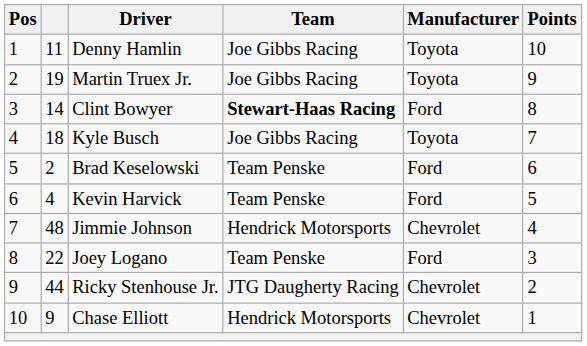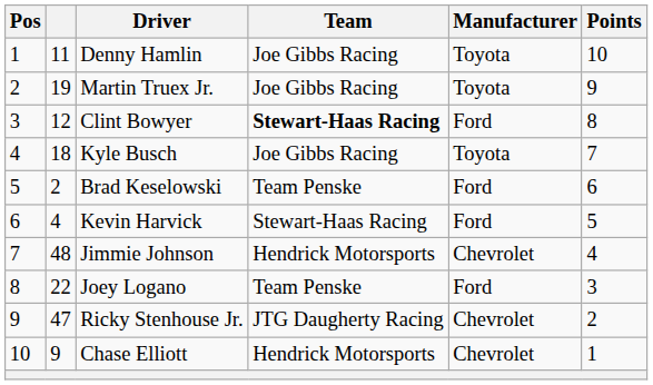 <table class="wikitable" style="font-size:98%">
 <tr>
 <th>Pos</th>
 <th></th>
 <th>Driver</th>
 <th>Team</th>
 <th>Manufacturer</th>
 <th>Points</th>
 </tr>
 <tr>
 <td>1</td>
 <td>11</td>
 <td>Denny Hamlin</td>
 <td>Joe Gibbs Racing</td>
 <td>Toyota</td>
 <td>10</td>
 </tr>
 <tr>
 <td>2</td>
 <td>19</td>
 <td>Martin Truex Jr.</td>
 <td>Joe Gibbs Racing</td>
 <td>Toyota</td>
 <td>9</td>
 </tr>
 <tr>
 <td>3</td>
-<td>14</td>
+<td>12</td>
 <td>Clint Bowyer</td>
 <td><strong>Stewart-Haas Racing</strong></td>
 <td>Ford</td>
 <td>8</td>
 </tr>
 <tr>
 <td>4</td>
 <td>18</td>
 <td>Kyle Busch</td>
 <td>Joe Gibbs Racing</td>
 <td>Toyota</td>
 <td>7</td>
 </tr>
 <tr>
 <td>5</td>
 <td>2</td>
 <td>Brad Keselowski</td>
 <td>Team Penske</td>
 <td>Ford</td>
 <td>6</td>
 </tr>
 <tr>
 <td>6</td>
 <td>4</td>
 <td>Kevin Harvick</td>
-<td>Team Penske</td>
+<td>Stewart-Haas Racing</td>
 <td>Ford</td>
 <td>5</td>
 </tr>
 <tr>
 <td>7</td>
 <td>48</td>
 <td>Jimmie Johnson</td>
 <td>Hendrick Motorsports</td>
 <td>Chevrolet</td>
 <td>4</td>
 </tr>
 <tr>
 <td>8</td>
 <td>22</td>
 <td>Joey Logano</td>
 <td>Team Penske</td>
 <td>Ford</td>
 <td>3</td>
 </tr>
 <tr>
 <td>9</td>
-<td>44</td>
+<td>47</td>
 <td>Ricky Stenhouse Jr.</td>
 <td>JTG Daugherty Racing</td>
 <td>Chevrolet</td>
 <td>2</td>
 </tr>
 <tr>
 <td>10</td>
 <td>9</td>
 <td>Chase Elliott</td>
 <td>Hendrick Motorsports</td>
 <td>Chevrolet</td>
 <td>1</td>
 </tr>
 <tr>
 <th colspan="6"></th>
 </tr>
 </table>
